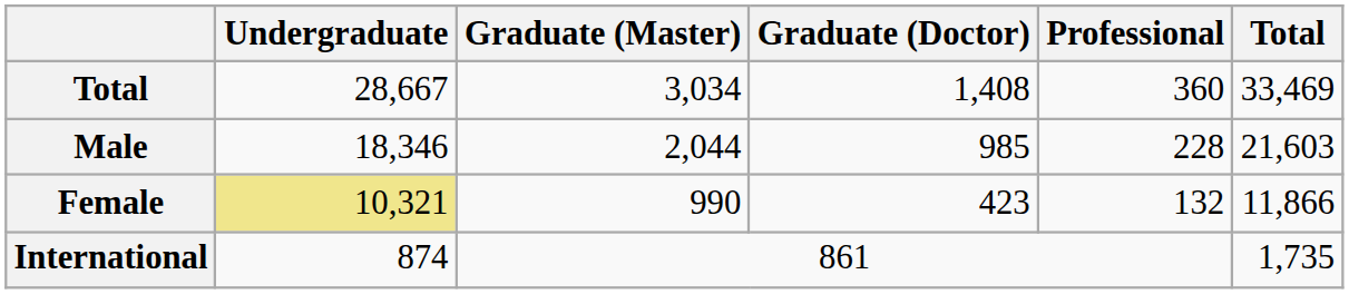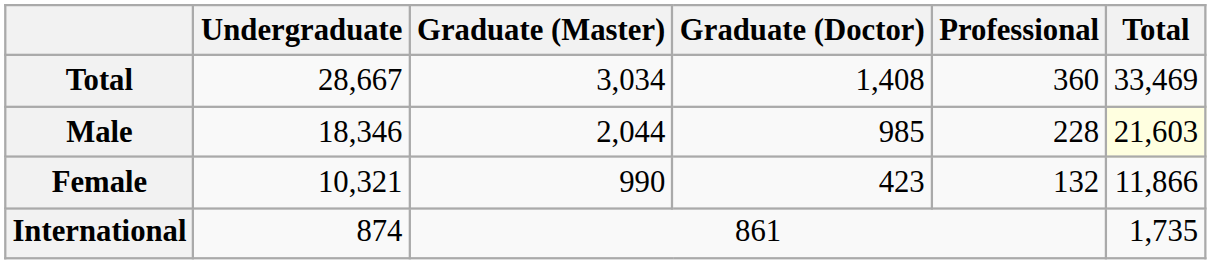 <table style="text-align:center; font-size:85%; margin-left:2em; margin:auto;" class="wikitable">
 <tr>
 <th></th>
 <th>Undergraduate</th>
 <th>Graduate (Master)</th>
 <th>Graduate (Doctor)</th>
 <th>Professional</th>
 <th>Total</th>
 </tr>
 <tr>
 <th>Total</th>
 <td style="text-align:right">28,667</td>
 <td style="text-align:right">3,034</td>
 <td style="text-align:right">1,408</td>
 <td style="text-align:right">360</td>
 <td style="text-align:right">33,469</td>
 </tr>
 <tr>
 <th>Male</th>
 <td style="text-align:right">18,346</td>
 <td style="text-align:right">2,044</td>
 <td style="text-align:right">985</td>
 <td style="text-align:right">228</td>
-<td style="text-align:right">21,603</td>
+<td style="background: lightyellow; text-align:right">21,603</td>
 </tr>
 <tr>
 <th>Female</th>
-<td style="background: khaki; text-align:right">10,321</td>
+<td style="text-align:right">10,321</td>
 <td style="text-align:right">990</td>
 <td style="text-align:right">423</td>
 <td style="text-align:right">132</td>
 <td style="text-align:right">11,866</td>
 </tr>
 <tr>
 <th>International</th>
 <td style="text-align:right">874</td>
 <td colspan="3">861</td>
 <td style="text-align:right">1,735</td>
 </tr>
 </table>
